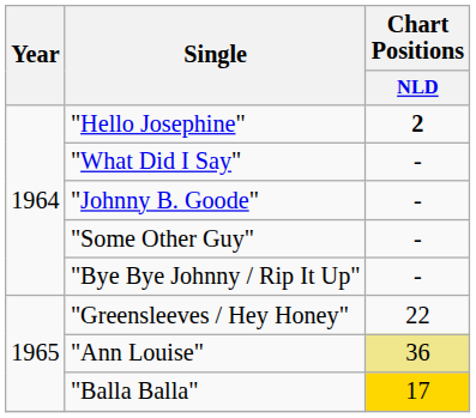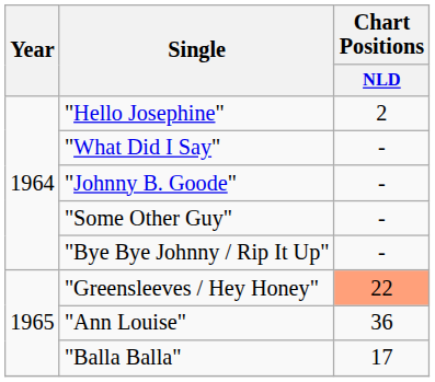 <table class="wikitable" style="text-align:center;">
 <tr>
 <th rowspan="2">Year</th>
 <th rowspan="2">Single</th>
 <th colspan="3">Chart Positions</th>
 </tr>
 <tr style="font-size:small;">
 <th width="60"><a href='#'>NLD</a><br></th>
 </tr>
 <tr>
 <td rowspan="5">1964</td>
 <td align="left">"<a href='#'>Hello Josephine</a>"</td>
-<td><strong>2</strong></td>
+<td>2</td>
 </tr>
 <tr>
 <td align="left">"<a href='#'>What Did I Say</a>"</td>
 <td>-</td>
 </tr>
 <tr>
 <td align="left">"<a href='#'>Johnny B. Goode</a>"</td>
 <td>-</td>
 </tr>
 <tr>
 <td align="left">"Some Other Guy"</td>
 <td>-</td>
 </tr>
 <tr>
 <td align="left">"Bye Bye Johnny / Rip It Up"</td>
 <td>-</td>
 </tr>
 <tr>
 <td rowspan="3">1965</td>
 <td align="left">"Greensleeves / Hey Honey"</td>
-<td>22</td>
+<td style="background: lightsalmon;">22</td>
 </tr>
 <tr>
 <td align="left">"Ann Louise"</td>
-<td style="background: khaki;">36</td>
+<td>36</td>
 </tr>
 <tr>
 <td align="left">"Balla Balla"</td>
-<td style="background: gold;">17</td>
+<td>17</td>
 </tr>
 <tr>
 </tr>
 </table>
